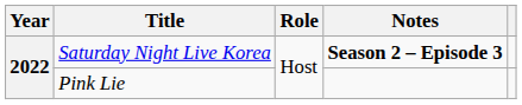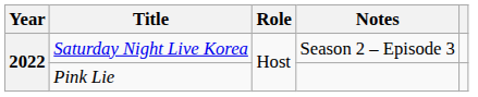 <table class="wikitable plainrowheaders">
 <tr>
 <th scope="col">Year</th>
 <th scope="col">Title</th>
 <th scope="col">Role</th>
 <th scope="col">Notes</th>
 <th scope="col" class="unsortable"></th>
 </tr>
 <tr>
 <th scope="row" rowspan="2">2022</th>
 <td><em><a href='#'>Saturday Night Live Korea</a></em></td>
 <td rowspan="2">Host</td>
-<td><strong>Season 2 – Episode 3</strong></td>
+<td>Season 2 – Episode 3</td>
 <td style="text-align:center"></td>
 </tr>
 <tr>
 <td><em>Pink Lie</em></td>
 <td></td>
 <td style="text-align:center"></td>
 </tr>
 </table>
